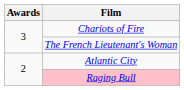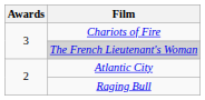 <table class="wikitable" style="text-align:center;">
 <tr>
 <th style="background:">Awards</th>
 <th style="background:">Film</th>
 </tr>
 <tr>
 <td rowspan="2">3</td>
 <td><em><a href='#'>Chariots of Fire</a></em></td>
 </tr>
 <tr>
-<td><em><a href='#'>The French Lieutenant's Woman</a></em></td>
+<td style="background: lightgrey;"><em><a href='#'>The French Lieutenant's Woman</a></em></td>
 </tr>
 <tr>
 <td rowspan="2">2</td>
 <td><em><a href='#'>Atlantic City</a></em></td>
 </tr>
 <tr>
-<td style="background: pink;"><em><a href='#'>Raging Bull</a></em></td>
+<td><em><a href='#'>Raging Bull</a></em></td>
 </tr>
 </table>
